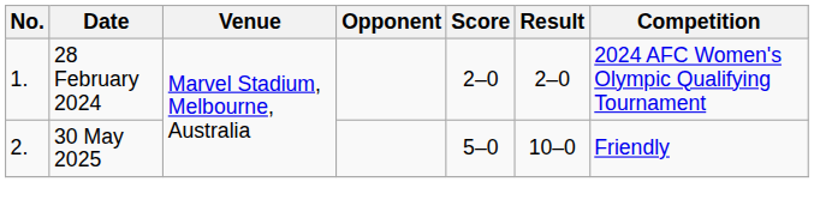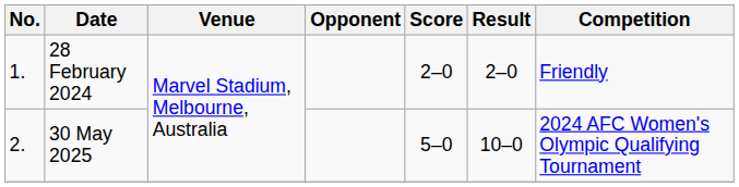 <table class="wikitable sortable">
 <tr>
 <th scope="col">No.</th>
 <th scope="col" data-sort-type="date">Date</th>
 <th scope="col">Venue</th>
 <th scope="col">Opponent</th>
 <th scope="col" class="unsortable">Score</th>
 <th scope="col" class="unsortable">Result</th>
 <th scope="col">Competition</th>
 </tr>
 <tr>
 <td>1.</td>
 <td>28 February 2024</td>
 <td rowspan=2><a href='#'>Marvel Stadium</a>, <a href='#'>Melbourne</a>, Australia</td>
 <td></td>
 <td align=center>2–0</td>
 <td align=center>2–0</td>
-<td><a href='#'>2024 AFC Women's Olympic Qualifying Tournament</a></td>
+<td><a href='#'>Friendly</a></td>
 </tr>
 <tr>
 <td>2.</td>
 <td>30 May 2025</td>
 <td></td>
 <td align=center>5–0</td>
 <td align=center>10–0</td>
-<td><a href='#'>Friendly</a></td>
+<td><a href='#'>2024 AFC Women's Olympic Qualifying Tournament</a></td>
 </tr>
 <tr>
 </tr>
 </table>
